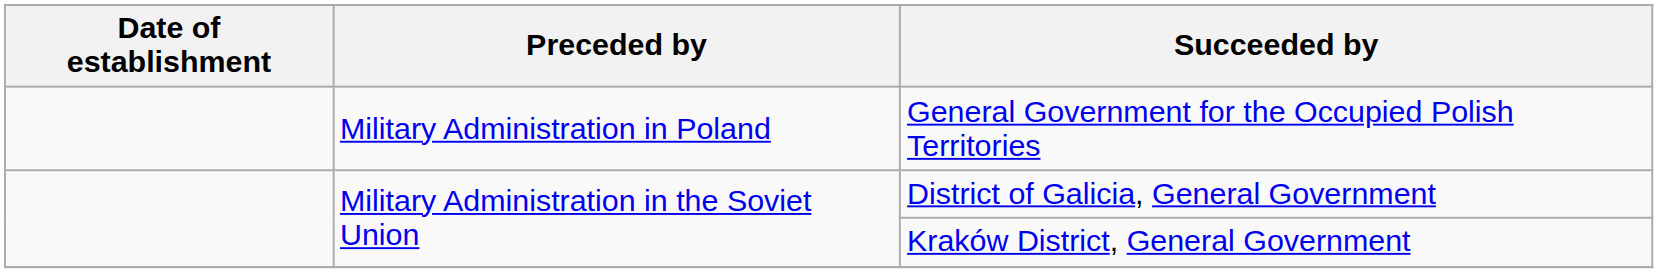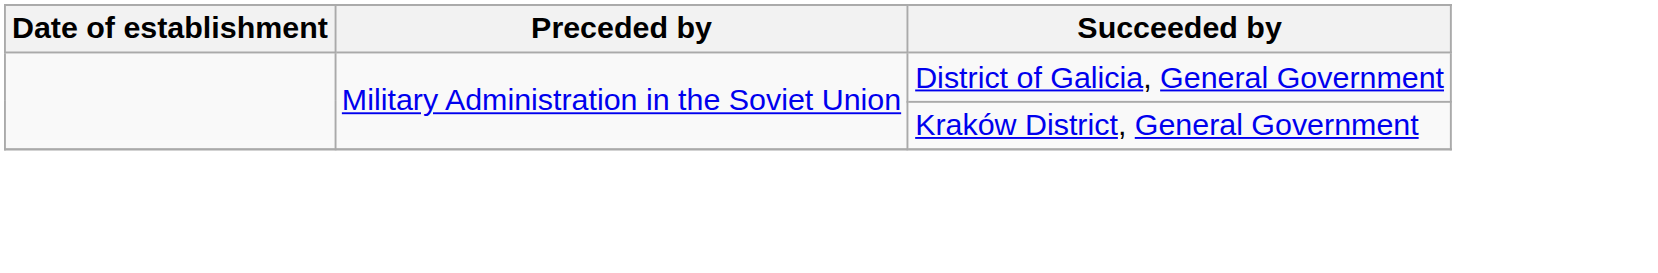 <table class="wikitable">
 <tr>
 </tr>
 <tr>
 <th>Date of establishment</th>
 <th>Preceded by</th>
 <th>Succeeded by</th>
-</tr>
-<tr>
-<td></td>
-<td> <a href='#'>Military Administration in Poland</a></td>
-<td> <a href='#'>General Government for the Occupied Polish Territories</a></td>
 </tr>
 <tr>
 <td rowspan=2></td>
 <td rowspan=2> <a href='#'>Military Administration in the Soviet Union</a></td>
 <td> <a href='#'>District of Galicia</a>, <a href='#'>General Government</a></td>
 </tr>
 <tr>
 <td> <a href='#'>Kraków District</a>, <a href='#'>General Government</a></td>
 </tr>
 <tr>
 </tr>
 </table>
